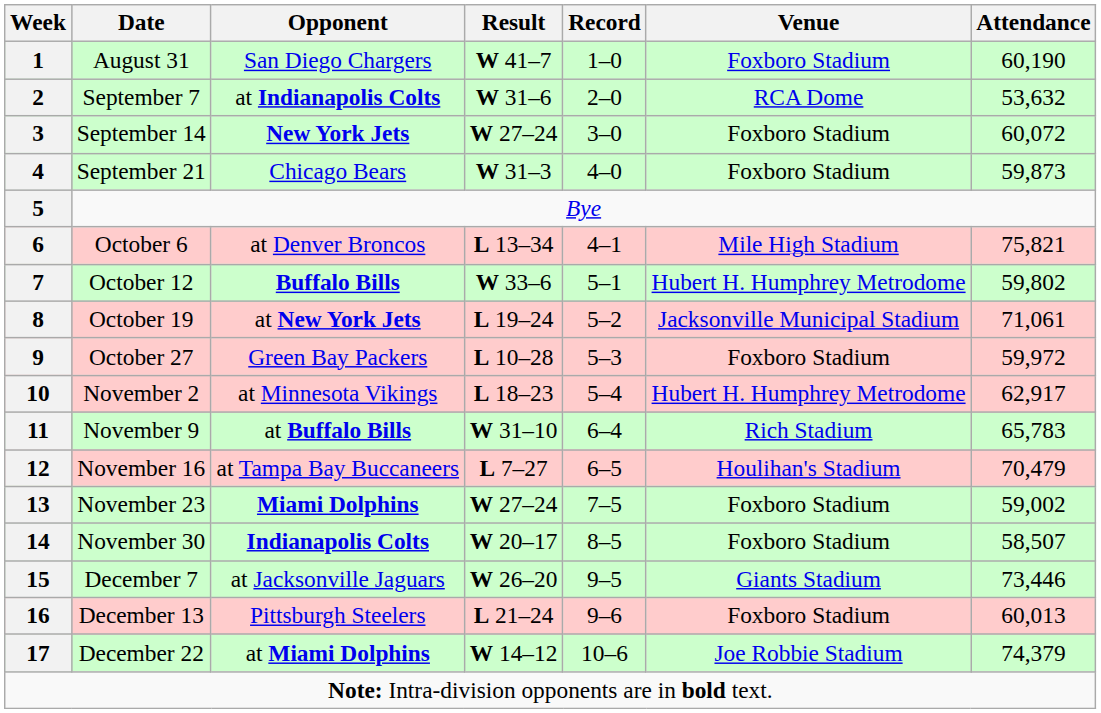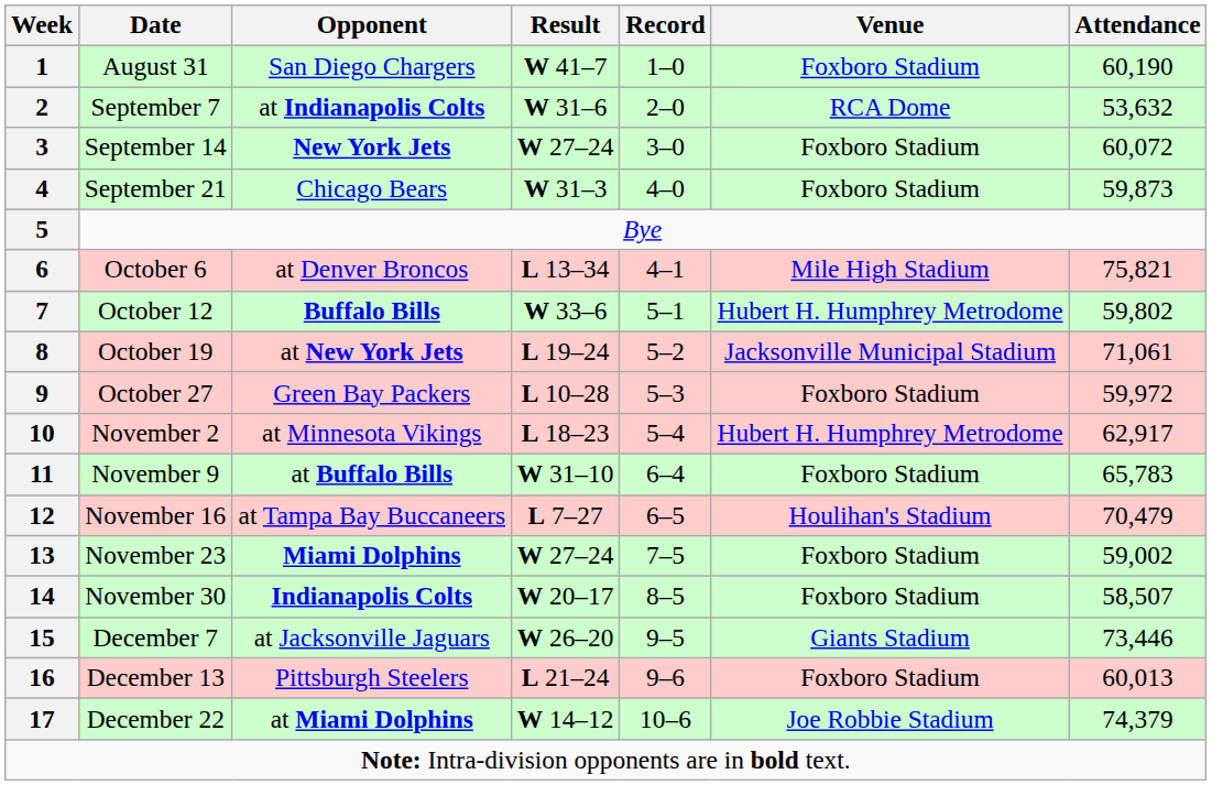 <table class="wikitable" style="text-align:center">
 <tr>
 <th>Week</th>
 <th>Date</th>
 <th>Opponent</th>
 <th>Result</th>
 <th>Record</th>
 <th>Venue</th>
 <th>Attendance</th>
 </tr>
 <tr style="background:#cfc">
 <th>1</th>
 <td>August 31</td>
 <td><a href='#'>San Diego Chargers</a></td>
 <td><strong>W</strong> 41–7</td>
 <td>1–0</td>
 <td><a href='#'>Foxboro Stadium</a></td>
 <td>60,190</td>
 </tr>
 <tr style="background:#cfc">
 <th>2</th>
 <td>September 7</td>
 <td>at <strong><a href='#'>Indianapolis Colts</a></strong></td>
 <td><strong>W</strong> 31–6</td>
 <td>2–0</td>
 <td><a href='#'>RCA Dome</a></td>
 <td>53,632</td>
 </tr>
 <tr style="background:#cfc">
 <th>3</th>
 <td>September 14</td>
 <td><strong><a href='#'>New York Jets</a></strong></td>
 <td><strong>W</strong> 27–24 </td>
 <td>3–0</td>
 <td>Foxboro Stadium</td>
 <td>60,072</td>
 </tr>
 <tr style="background:#cfc">
 <th>4</th>
 <td>September 21</td>
 <td><a href='#'>Chicago Bears</a></td>
 <td><strong>W</strong> 31–3</td>
 <td>4–0</td>
 <td>Foxboro Stadium</td>
 <td>59,873</td>
 </tr>
 <tr>
 <th>5</th>
 <td colspan=6><em><a href='#'>Bye</a></em></td>
 </tr>
 <tr style="background:#fcc">
 <th>6</th>
 <td>October 6</td>
 <td>at <a href='#'>Denver Broncos</a></td>
 <td><strong>L</strong> 13–34</td>
 <td>4–1</td>
 <td><a href='#'>Mile High Stadium</a></td>
 <td>75,821</td>
 </tr>
 <tr style="background:#cfc">
 <th>7</th>
 <td>October 12</td>
 <td><strong><a href='#'>Buffalo Bills</a></strong></td>
 <td><strong>W</strong> 33–6</td>
 <td>5–1</td>
 <td><a href='#'>Hubert H. Humphrey Metrodome</a></td>
 <td>59,802</td>
 </tr>
 <tr style="background:#fcc">
 <th>8</th>
 <td>October 19</td>
 <td>at <strong><a href='#'>New York Jets</a></strong></td>
 <td><strong>L</strong> 19–24</td>
 <td>5–2</td>
 <td><a href='#'>Jacksonville Municipal Stadium</a></td>
 <td>71,061</td>
 </tr>
 <tr style="background:#fcc">
 <th>9</th>
 <td>October 27</td>
 <td><a href='#'>Green Bay Packers</a></td>
 <td><strong>L</strong> 10–28</td>
 <td>5–3</td>
 <td>Foxboro Stadium</td>
 <td>59,972</td>
 </tr>
 <tr style="background:#fcc">
 <th>10</th>
 <td>November 2</td>
 <td>at <a href='#'>Minnesota Vikings</a></td>
 <td><strong>L</strong> 18–23</td>
 <td>5–4</td>
 <td><a href='#'>Hubert H. Humphrey Metrodome</a></td>
 <td>62,917</td>
 </tr>
 <tr style="background:#cfc">
 <th>11</th>
 <td>November 9</td>
 <td>at <strong><a href='#'>Buffalo Bills</a></strong></td>
 <td><strong>W</strong> 31–10</td>
 <td>6–4</td>
-<td><a href='#'>Rich Stadium</a></td>
+<td>Foxboro Stadium</td>
 <td>65,783</td>
 </tr>
 <tr style="background:#fcc">
 <th>12</th>
 <td>November 16</td>
 <td>at <a href='#'>Tampa Bay Buccaneers</a></td>
 <td><strong>L</strong> 7–27</td>
 <td>6–5</td>
 <td><a href='#'>Houlihan's Stadium</a></td>
 <td>70,479</td>
 </tr>
 <tr style="background:#cfc">
 <th>13</th>
 <td>November 23</td>
 <td><strong><a href='#'>Miami Dolphins</a></strong></td>
 <td><strong>W</strong> 27–24</td>
 <td>7–5</td>
 <td>Foxboro Stadium</td>
 <td>59,002</td>
 </tr>
 <tr style="background:#cfc">
 <th>14</th>
 <td>November 30</td>
 <td><strong><a href='#'>Indianapolis Colts</a></strong></td>
 <td><strong>W</strong> 20–17</td>
 <td>8–5</td>
 <td>Foxboro Stadium</td>
 <td>58,507</td>
 </tr>
 <tr style="background:#cfc">
 <th>15</th>
 <td>December 7</td>
 <td>at <a href='#'>Jacksonville Jaguars</a></td>
 <td><strong>W</strong> 26–20</td>
 <td>9–5</td>
 <td><a href='#'>Giants Stadium</a></td>
 <td>73,446</td>
 </tr>
 <tr style="background:#fcc">
 <th>16</th>
 <td>December 13</td>
 <td><a href='#'>Pittsburgh Steelers</a></td>
 <td><strong>L</strong> 21–24 </td>
 <td>9–6</td>
 <td>Foxboro Stadium</td>
 <td>60,013</td>
 </tr>
 <tr style="background:#cfc">
 <th>17</th>
 <td>December 22</td>
 <td>at <strong><a href='#'>Miami Dolphins</a></strong></td>
 <td><strong>W</strong> 14–12</td>
 <td>10–6</td>
 <td><a href='#'>Joe Robbie Stadium</a></td>
 <td>74,379</td>
 </tr>
 <tr>
 <td colspan="8"><strong>Note:</strong> Intra-division opponents are in <strong>bold</strong> text.</td>
 </tr>
 </table>
